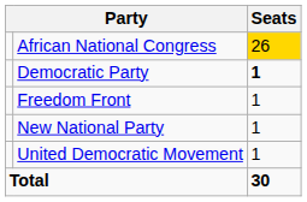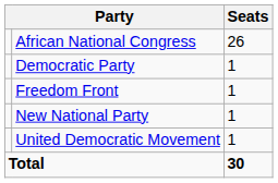 <table class="wikitable">
 <tr>
 <th colspan="2">Party</th>
 <th>Seats</th>
 </tr>
 <tr>
 <td></td>
 <td><a href='#'>African National Congress</a></td>
-<td style="background: gold;">26</td>
+<td>26</td>
 </tr>
 <tr>
 <td></td>
 <td><a href='#'>Democratic Party</a></td>
-<td><strong>1</strong></td>
+<td>1</td>
 </tr>
 <tr>
 <td></td>
 <td><a href='#'>Freedom Front</a></td>
 <td>1</td>
 </tr>
 <tr>
 <td></td>
 <td><a href='#'>New National Party</a></td>
 <td>1</td>
 </tr>
 <tr>
 <td></td>
 <td><a href='#'>United Democratic Movement</a></td>
 <td>1</td>
 </tr>
 <tr>
 <td colspan="2"><strong>Total</strong></td>
 <td><strong>30</strong></td>
 </tr>
 </table>
